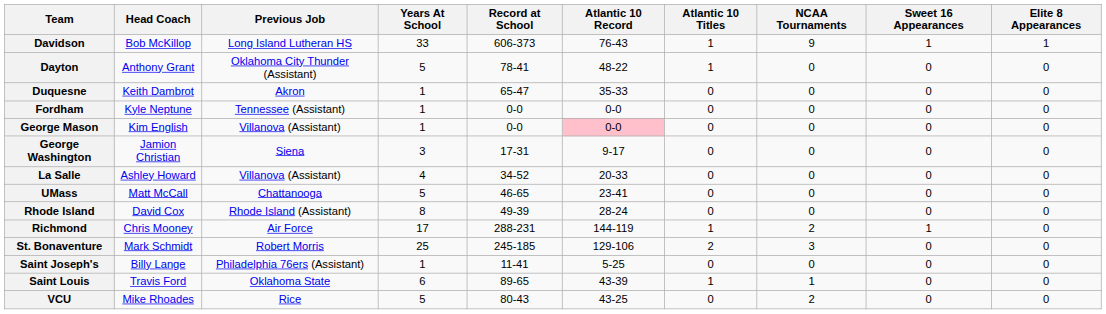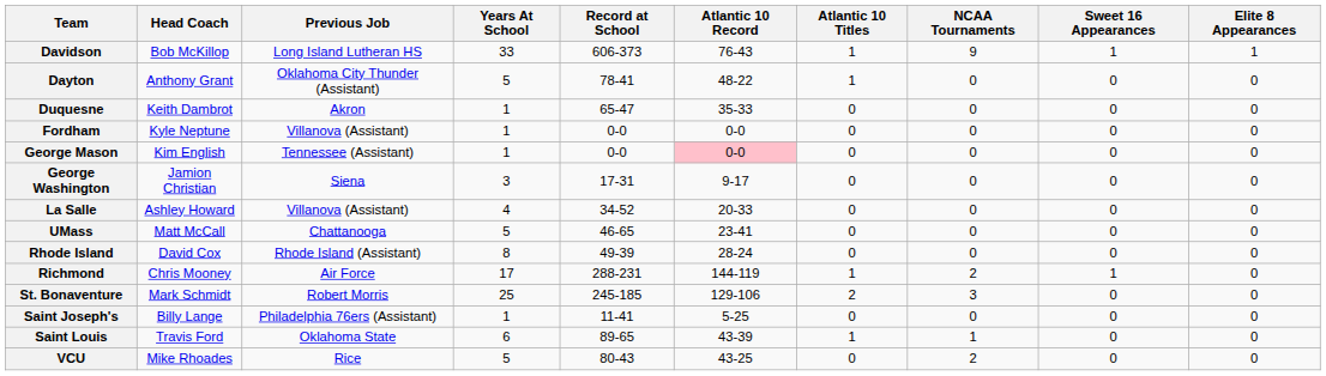 <table class="wikitable sortable" style="text-align:center">
 <tr>
 <th>Team</th>
 <th>Head Coach</th>
 <th>Previous Job</th>
 <th>Years At School</th>
 <th>Record at School</th>
 <th>Atlantic 10 Record</th>
 <th>Atlantic 10 Titles</th>
 <th>NCAA Tournaments</th>
 <th>Sweet 16 Appearances</th>
 <th>Elite 8 Appearances</th>
 </tr>
 <tr>
 <th>Davidson</th>
 <td><a href='#'>Bob McKillop</a></td>
 <td><a href='#'>Long Island Lutheran HS</a></td>
 <td>33</td>
 <td>606-373</td>
 <td>76-43</td>
 <td>1</td>
 <td>9</td>
 <td>1</td>
 <td>1</td>
 </tr>
 <tr>
 <th>Dayton</th>
 <td><a href='#'>Anthony Grant</a></td>
 <td><a href='#'>Oklahoma City Thunder</a> (Assistant)</td>
 <td>5</td>
 <td>78-41</td>
 <td>48-22</td>
 <td>1</td>
 <td>0</td>
 <td>0</td>
 <td>0</td>
 </tr>
 <tr>
 <th>Duquesne</th>
 <td><a href='#'>Keith Dambrot</a></td>
 <td><a href='#'>Akron</a></td>
 <td>1</td>
 <td>65-47</td>
 <td>35-33</td>
 <td>0</td>
 <td>0</td>
 <td>0</td>
 <td>0</td>
 </tr>
 <tr>
 <th>Fordham</th>
 <td><a href='#'>Kyle Neptune</a></td>
-<td><a href='#'>Tennessee</a> (Assistant)</td>
+<td><a href='#'>Villanova</a> (Assistant)</td>
 <td>1</td>
 <td>0-0</td>
 <td>0-0</td>
 <td>0</td>
 <td>0</td>
 <td>0</td>
 <td>0</td>
 </tr>
 <tr>
 <th>George Mason</th>
 <td><a href='#'>Kim English</a></td>
-<td><a href='#'>Villanova</a> (Assistant)</td>
+<td><a href='#'>Tennessee</a> (Assistant)</td>
 <td>1</td>
 <td>0-0</td>
 <td style="background: pink;">0-0</td>
 <td>0</td>
 <td>0</td>
 <td>0</td>
 <td>0</td>
 </tr>
 <tr>
 <th>George Washington</th>
 <td><a href='#'>Jamion Christian</a></td>
 <td><a href='#'>Siena</a></td>
 <td>3</td>
 <td>17-31</td>
 <td>9-17</td>
 <td>0</td>
 <td>0</td>
 <td>0</td>
 <td>0</td>
 </tr>
 <tr>
 <th>La Salle</th>
 <td><a href='#'>Ashley Howard</a></td>
 <td><a href='#'>Villanova</a> (Assistant)</td>
 <td>4</td>
 <td>34-52</td>
 <td>20-33</td>
 <td>0</td>
 <td>0</td>
 <td>0</td>
 <td>0</td>
 </tr>
 <tr>
 <th>UMass</th>
 <td><a href='#'>Matt McCall</a></td>
 <td><a href='#'>Chattanooga</a></td>
 <td>5</td>
 <td>46-65</td>
 <td>23-41</td>
 <td>0</td>
 <td>0</td>
 <td>0</td>
 <td>0</td>
 </tr>
 <tr>
 <th>Rhode Island</th>
 <td><a href='#'>David Cox</a></td>
 <td><a href='#'>Rhode Island</a> (Assistant)</td>
 <td>8</td>
 <td>49-39</td>
 <td>28-24</td>
 <td>0</td>
 <td>0</td>
 <td>0</td>
 <td>0</td>
 </tr>
 <tr>
 <th>Richmond</th>
 <td><a href='#'>Chris Mooney</a></td>
 <td><a href='#'>Air Force</a></td>
 <td>17</td>
 <td>288-231</td>
 <td>144-119</td>
 <td>1</td>
 <td>2</td>
 <td>1</td>
 <td>0</td>
 </tr>
 <tr>
 <th>St. Bonaventure</th>
 <td><a href='#'>Mark Schmidt</a></td>
 <td><a href='#'>Robert Morris</a></td>
 <td>25</td>
 <td>245-185</td>
 <td>129-106</td>
 <td>2</td>
 <td>3</td>
 <td>0</td>
 <td>0</td>
 </tr>
 <tr>
 <th>Saint Joseph's</th>
 <td><a href='#'>Billy Lange</a></td>
 <td><a href='#'>Philadelphia 76ers</a> (Assistant)</td>
 <td>1</td>
 <td>11-41</td>
 <td>5-25</td>
 <td>0</td>
 <td>0</td>
 <td>0</td>
 <td>0</td>
 </tr>
 <tr>
 <th>Saint Louis</th>
 <td><a href='#'>Travis Ford</a></td>
 <td><a href='#'>Oklahoma State</a></td>
 <td>6</td>
 <td>89-65</td>
 <td>43-39</td>
 <td>1</td>
 <td>1</td>
 <td>0</td>
 <td>0</td>
 </tr>
 <tr>
 <th>VCU</th>
 <td><a href='#'>Mike Rhoades</a></td>
 <td><a href='#'>Rice</a></td>
 <td>5</td>
 <td>80-43</td>
 <td>43-25</td>
 <td>0</td>
 <td>2</td>
 <td>0</td>
 <td>0</td>
 </tr>
 </table>
